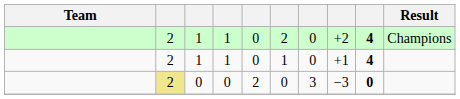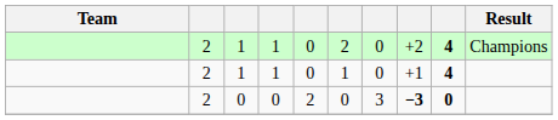 <table class="wikitable" style="text-align:center;">
 <tr>
 <th width=165>Team</th>
 <th width=25></th>
 <th width=25></th>
 <th width=25></th>
 <th width=25></th>
 <th width=25></th>
 <th width=25></th>
 <th width=25></th>
 <th width=25></th>
 <th>Result</th>
 </tr>
 <tr bgcolor="#ccffcc">
 <td style="text-align:left;"></td>
 <td>2</td>
 <td>1</td>
 <td>1</td>
 <td>0</td>
 <td>2</td>
 <td>0</td>
 <td>+2</td>
 <td><strong>4</strong></td>
 <td>Champions</td>
 </tr>
 <tr>
 <td style="text-align:left;"></td>
 <td>2</td>
 <td>1</td>
 <td>1</td>
 <td>0</td>
 <td>1</td>
 <td>0</td>
 <td>+1</td>
 <td><strong>4</strong></td>
 <td></td>
 </tr>
 <tr>
 <td style="text-align:left;"></td>
-<td style="background: khaki;">2</td>
+<td>2</td>
 <td>0</td>
 <td>0</td>
 <td>2</td>
 <td>0</td>
 <td>3</td>
-<td>−3</td>
+<td><strong>−3</strong></td>
 <td><strong>0</strong></td>
 <td></td>
 </tr>
 <tr>
 </tr>
 </table>
